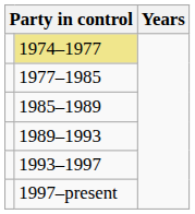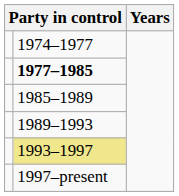 <table class="wikitable">
 <tr>
 <th colspan=2>Party in control</th>
 <th>Years</th>
 </tr>
 <tr>
 <td></td>
-<td style="background: khaki;">1974–1977</td>
+<td>1974–1977</td>
 </tr>
 <tr>
 <td></td>
-<td>1977–1985</td>
+<td><strong>1977–1985</strong></td>
 </tr>
 <tr>
 <td></td>
 <td>1985–1989</td>
 </tr>
 <tr>
 <td></td>
 <td>1989–1993</td>
 </tr>
 <tr>
 <td></td>
-<td>1993–1997</td>
+<td style="background: khaki;">1993–1997</td>
 </tr>
 <tr>
 <td></td>
 <td>1997–present</td>
 </tr>
 </table>
